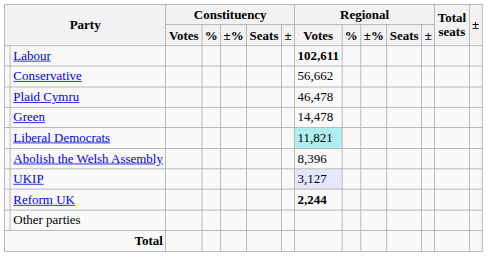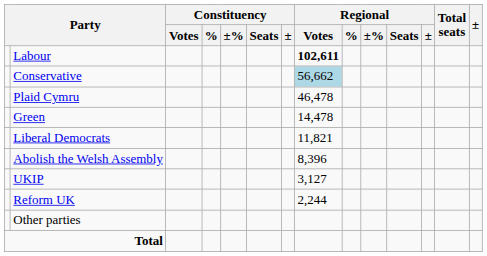 <table class="wikitable">
 <tr>
 <th colspan="2" rowspan="2">Party</th>
 <th colspan="5">Constituency</th>
 <th colspan="5">Regional</th>
 <th rowspan="2">Total<br>seats</th>
 <th rowspan="2">±</th>
 </tr>
 <tr>
 <th>Votes</th>
 <th>%</th>
 <th>±%</th>
 <th>Seats</th>
 <th>±</th>
 <th>Votes</th>
 <th>%</th>
 <th>±%</th>
 <th>Seats</th>
 <th>±</th>
 </tr>
 <tr>
 <td style="color:inherit;background:"></td>
 <td><a href='#'>Labour</a></td>
 <td></td>
 <td></td>
 <td></td>
 <td></td>
 <td></td>
 <td><strong>102,611</strong></td>
 <td></td>
 <td></td>
 <td></td>
 <td></td>
 <td></td>
 <td></td>
 </tr>
 <tr>
 <td style="color:inherit;background:"></td>
 <td><a href='#'>Conservative</a></td>
 <td></td>
 <td></td>
 <td></td>
 <td></td>
 <td></td>
-<td>56,662</td>
+<td style="background: lightblue;">56,662</td>
 <td></td>
 <td></td>
 <td></td>
 <td></td>
 <td></td>
 <td></td>
 </tr>
 <tr>
 <td style="color:inherit;background:"></td>
 <td><a href='#'>Plaid Cymru</a></td>
 <td></td>
 <td></td>
 <td></td>
 <td></td>
 <td></td>
 <td>46,478</td>
 <td></td>
 <td></td>
 <td></td>
 <td></td>
 <td></td>
 <td></td>
 </tr>
 <tr>
 <td style="color:inherit;background:"></td>
 <td><a href='#'>Green</a></td>
 <td></td>
 <td></td>
 <td></td>
 <td></td>
 <td></td>
 <td>14,478</td>
 <td></td>
 <td></td>
 <td></td>
 <td></td>
 <td></td>
 <td></td>
 </tr>
 <tr>
 <td style="color:inherit;background:"></td>
 <td><a href='#'>Liberal Democrats</a></td>
 <td></td>
 <td></td>
 <td></td>
 <td></td>
 <td></td>
-<td style="background: paleturquoise;">11,821</td>
+<td>11,821</td>
 <td></td>
 <td></td>
 <td></td>
 <td></td>
 <td></td>
 <td></td>
 </tr>
 <tr>
 <td style="color:inherit;background:"></td>
 <td><a href='#'>Abolish the Welsh Assembly</a></td>
 <td></td>
 <td></td>
 <td></td>
 <td></td>
 <td></td>
 <td>8,396</td>
 <td></td>
 <td></td>
 <td></td>
 <td></td>
 <td></td>
 <td></td>
 </tr>
 <tr>
 <td style="color:inherit;background:"></td>
 <td><a href='#'>UKIP</a></td>
 <td></td>
 <td></td>
 <td></td>
 <td></td>
 <td></td>
-<td style="background: lavender;">3,127</td>
+<td>3,127</td>
 <td></td>
 <td></td>
 <td></td>
 <td></td>
 <td></td>
 <td></td>
 </tr>
 <tr>
 <td style="color:inherit;background:"></td>
 <td><a href='#'>Reform UK</a></td>
 <td></td>
 <td></td>
 <td></td>
 <td></td>
 <td></td>
-<td><strong>2,244</strong></td>
+<td>2,244</td>
 <td></td>
 <td></td>
 <td></td>
 <td></td>
 <td></td>
 <td></td>
 </tr>
 <tr>
 <td style="color:inherit;background:"></td>
 <td>Other parties</td>
 <td></td>
 <td></td>
 <td></td>
 <td></td>
 <td></td>
 <td></td>
 <td></td>
 <td></td>
 <td></td>
 <td></td>
 <td></td>
 <td></td>
 </tr>
 <tr>
 <td colspan=2 align="right"><strong>Total</strong></td>
 <td></td>
 <td></td>
 <td></td>
 <td></td>
 <td></td>
 <td></td>
 <td></td>
 <td></td>
 <td></td>
 <td></td>
 <td></td>
 <td></td>
 </tr>
 </table>
